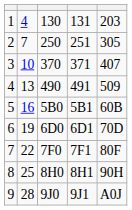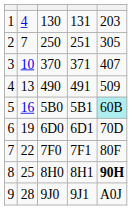 <table class="wikitable">
 <tr>
 <th></th>
 <th></th>
 <th></th>
 <th></th>
 <th></th>
 </tr>
 <tr -->
 <td>1</td>
 <td><a href='#'>4</a></td>
 <td>130</td>
 <td>131</td>
 <td>203</td>
 </tr>
 <tr -->
 <td>2</td>
 <td>7</td>
 <td>250</td>
 <td>251</td>
 <td>305</td>
 </tr>
 <tr -->
 <td>3</td>
 <td><a href='#'>10</a></td>
 <td>370</td>
 <td>371</td>
 <td>407</td>
 </tr>
 <tr -->
 <td>4</td>
 <td>13</td>
 <td>490</td>
 <td>491</td>
 <td>509</td>
 </tr>
 <tr -->
 <td>5</td>
 <td><a href='#'>16</a></td>
 <td>5B0</td>
 <td>5B1</td>
-<td>60B</td>
+<td style="background: paleturquoise;">60B</td>
 </tr>
 <tr -->
 <td>6</td>
 <td>19</td>
 <td>6D0</td>
 <td>6D1</td>
 <td>70D</td>
 </tr>
 <tr -->
 <td>7</td>
 <td>22</td>
 <td>7F0</td>
 <td>7F1</td>
 <td>80F</td>
 </tr>
 <tr -->
 <td>8</td>
 <td>25</td>
 <td>8H0</td>
 <td>8H1</td>
-<td>90H</td>
+<td><strong>90H</strong></td>
 </tr>
 <tr -->
 <td>9</td>
 <td>28</td>
 <td>9J0</td>
 <td>9J1</td>
 <td>A0J</td>
 </tr>
 </table>
